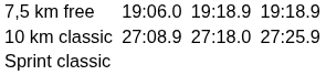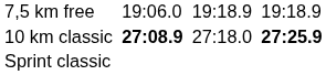 <table>
 <tr>
 <td>7,5 km free</td>
 <td></td>
 <td>19:06.0</td>
 <td></td>
 <td>19:18.9</td>
 <td></td>
 <td>19:18.9</td>
 </tr>
 <tr>
 <td>10 km classic</td>
 <td></td>
-<td>27:08.9</td>
+<td><strong>27:08.9</strong></td>
 <td></td>
 <td>27:18.0</td>
 <td></td>
-<td>27:25.9</td>
+<td><strong>27:25.9</strong></td>
 </tr>
 <tr>
 <td>Sprint classic</td>
 <td colspan=2></td>
 <td colspan=2></td>
 <td colspan=2></td>
 </tr>
 </table>
